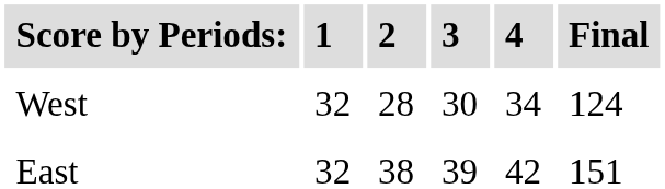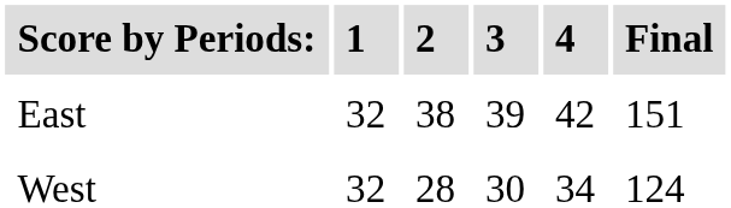 <table cellpadding=5>
 <tr bgcolor="#dddddd">
 <td><strong>Score by Periods:</strong></td>
 <td><strong>1</strong></td>
 <td><strong>2</strong></td>
 <td><strong>3</strong></td>
 <td><strong>4</strong></td>
 <td><strong>Final</strong></td>
 </tr>
 <tr>
+<td>East</td>
+<td>32</td>
+<td>38</td>
+<td>39</td>
+<td>42</td>
+<td>151</td>
+</tr>
+<tr>
 <td>West</td>
 <td>32</td>
 <td>28</td>
 <td>30</td>
 <td>34</td>
 <td>124</td>
 </tr>
 <tr>
-<td>East</td>
-<td>32</td>
-<td>38</td>
-<td>39</td>
-<td>42</td>
-<td>151</td>
-</tr>
-<tr>
 </tr>
 </table>
